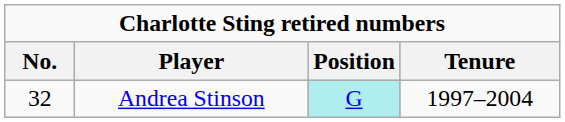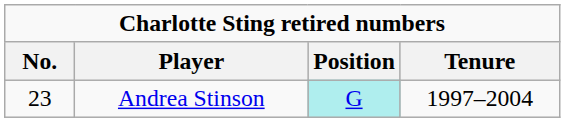 <table class="wikitable" style="text-align:center">
 <tr>
 <td colspan="4"><strong>Charlotte Sting retired numbers</strong></td>
 </tr>
 <tr>
 <th style="width:40px; ">No.</th>
 <th style="width:150px; ">Player</th>
 <th style="width:40px; ">Position</th>
 <th style="width:100px; ">Tenure</th>
 </tr>
 <tr>
-<td>32</td>
+<td>23</td>
 <td><a href='#'>Andrea Stinson</a></td>
 <td style="background: paleturquoise;"><a href='#'>G</a></td>
 <td>1997–2004</td>
 </tr>
 </table>
